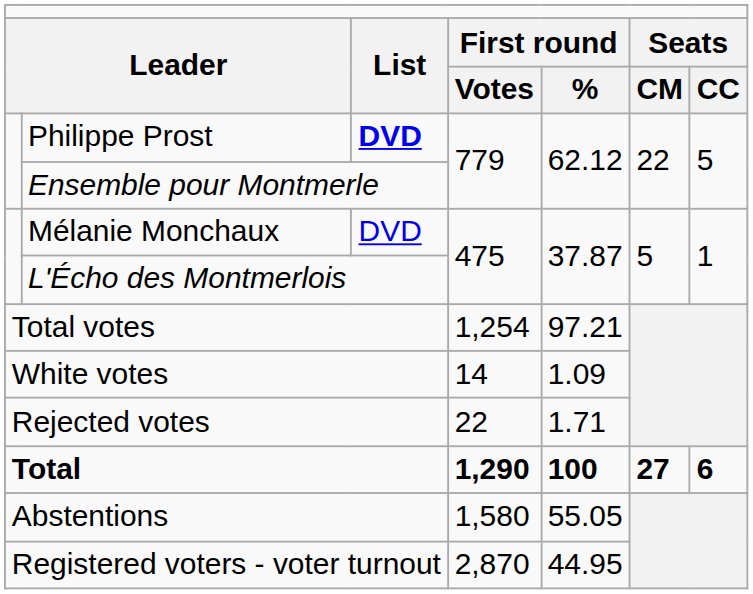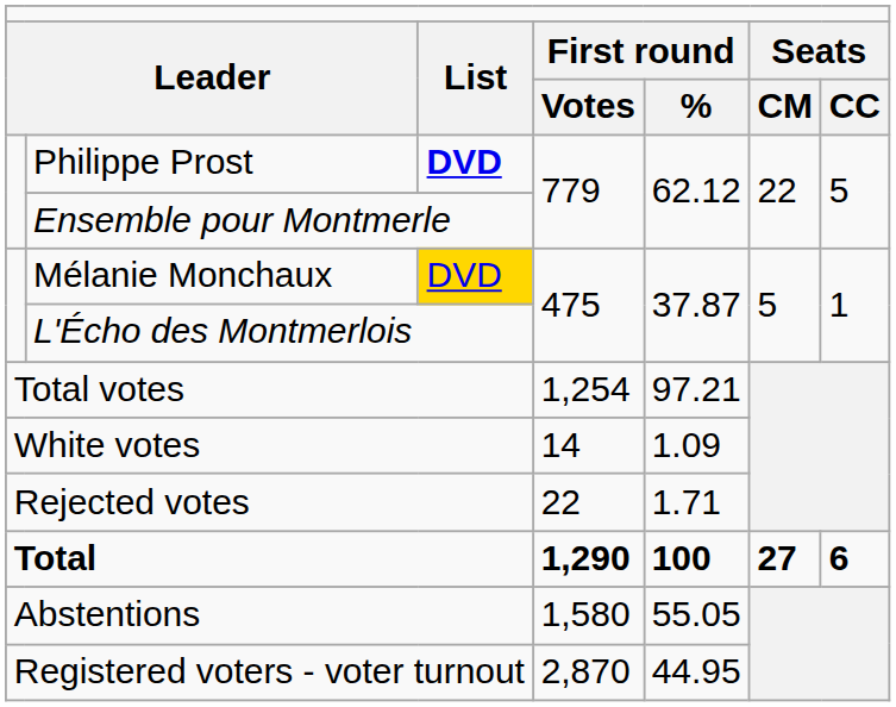 <table class="wikitable">
 <tr>
 <td colspan="7"></td>
 </tr>
 <tr>
 <th colspan="2" rowspan="2">Leader</th>
 <th rowspan="2">List</th>
 <th colspan="2">First round</th>
 <th colspan="2">Seats</th>
 </tr>
 <tr>
 <th>Votes</th>
 <th>%</th>
 <th>CM</th>
 <th>CC</th>
 </tr>
 <tr>
 <td rowspan="2" bgcolor=></td>
 <td>Philippe Prost</td>
 <td><strong><a href='#'>DVD</a></strong></td>
 <td rowspan="2">779</td>
 <td rowspan="2">62.12</td>
 <td rowspan="2">22</td>
 <td rowspan="2">5</td>
 </tr>
 <tr>
 <td colspan="2"><em>Ensemble pour Montmerle</em></td>
 </tr>
 <tr>
 <td rowspan="2" bgcolor=></td>
 <td>Mélanie Monchaux</td>
-<td><a href='#'>DVD</a></td>
+<td style="background: gold;"><a href='#'>DVD</a></td>
 <td rowspan="2">475</td>
 <td rowspan="2">37.87</td>
 <td rowspan="2">5</td>
 <td rowspan="2">1</td>
 </tr>
 <tr>
 <td colspan="2"><em>L'Écho des Montmerlois</em></td>
 </tr>
 <tr>
 <td colspan="3">Total votes</td>
 <td>1,254</td>
 <td>97.21</td>
 <th colspan="2" rowspan="3"></th>
 </tr>
 <tr>
 <td colspan="3">White votes</td>
 <td>14</td>
 <td>1.09</td>
 </tr>
 <tr>
 <td colspan="3">Rejected votes</td>
 <td>22</td>
 <td>1.71</td>
 </tr>
 <tr>
 <td colspan="3"><strong>Total</strong></td>
 <td><strong>1,290</strong></td>
 <td><strong>100</strong></td>
 <td><strong>27</strong></td>
 <td><strong>6</strong></td>
 </tr>
 <tr>
 <td colspan="3">Abstentions</td>
 <td>1,580</td>
 <td>55.05</td>
 <th colspan="2" rowspan="2"></th>
 </tr>
 <tr>
 <td colspan="3">Registered voters - voter turnout</td>
 <td>2,870</td>
 <td>44.95</td>
 </tr>
 </table>
